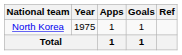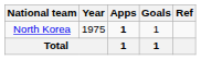 <table class="wikitable" style="text-align:center">
 <tr>
 <th>National team</th>
 <th>Year</th>
 <th>Apps</th>
 <th>Goals</th>
 <th>Ref</th>
 </tr>
 <tr>
 <td rowspan="1"><a href='#'>North Korea</a></td>
 <td>1975</td>
-<td>1</td>
+<td><strong>1</strong></td>
 <td>1</td>
 <td></td>
 </tr>
 <tr>
 <th colspan="2">Total</th>
 <th>1</th>
 <th>1</th>
 <th></th>
 </tr>
 </table>
